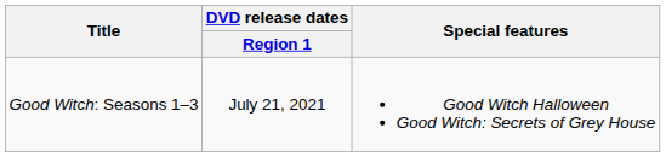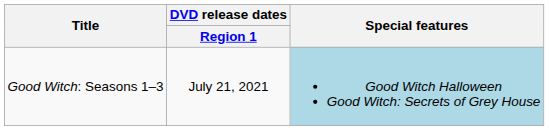 <table class="wikitable plainrowheaders" style="text-align:center">
 <tr>
 <th rowspan="2">Title</th>
 <th><a href='#'>DVD</a> release dates</th>
 <th rowspan="2">Special features</th>
 </tr>
 <tr>
 <th><a href='#'>Region 1</a></th>
 </tr>
 <tr>
 <td><em>Good Witch</em>: Seasons 1–3</td>
 <td>July 21, 2021</td>
-<td><br><ul><li><em>Good Witch Halloween</em></li><li><em>Good Witch: Secrets of Grey House</em></li></ul></td>
+<td style="background: lightblue;"><br><ul><li><em>Good Witch Halloween</em></li><li><em>Good Witch: Secrets of Grey House</em></li></ul></td>
 </tr>
 </table>
